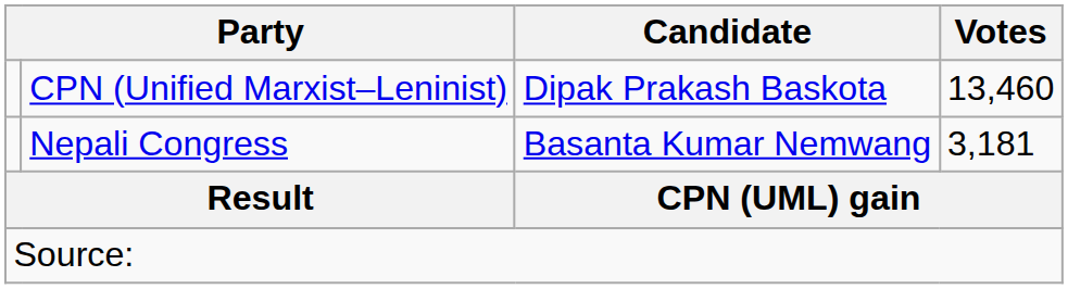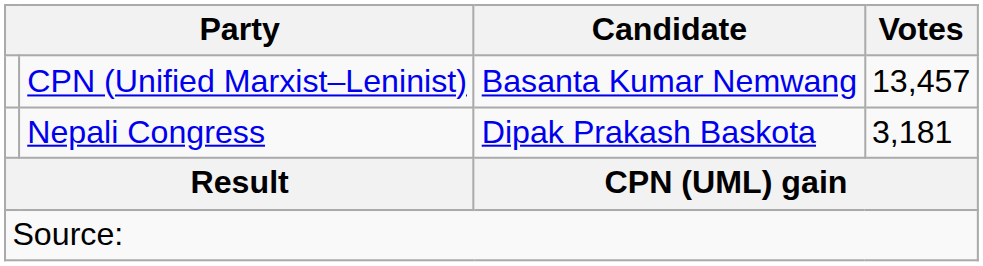 <table class="wikitable">
 <tr>
 <th colspan="2">Party</th>
 <th>Candidate</th>
 <th>Votes</th>
 </tr>
 <tr>
 <td style="background-color:"></td>
 <td><a href='#'>CPN (Unified Marxist–Leninist)</a></td>
-<td><a href='#'>Dipak Prakash Baskota</a></td>
-<td>13,460</td>
+<td><a href='#'>Basanta Kumar Nemwang</a></td>
+<td>13,457</td>
 </tr>
 <tr>
 <td style="background-color:"></td>
 <td><a href='#'>Nepali Congress</a></td>
-<td><a href='#'>Basanta Kumar Nemwang</a></td>
+<td><a href='#'>Dipak Prakash Baskota</a></td>
 <td>3,181</td>
 </tr>
 <tr>
 <th colspan="2">Result</th>
 <th colspan="2">CPN (UML) gain</th>
 </tr>
 <tr>
 <td colspan="4">Source: </td>
 </tr>
 </table>
